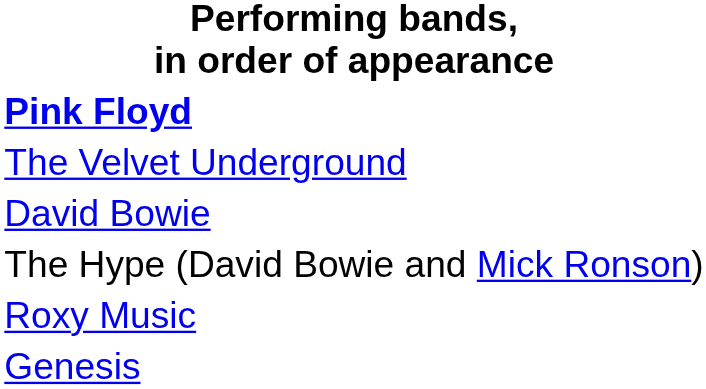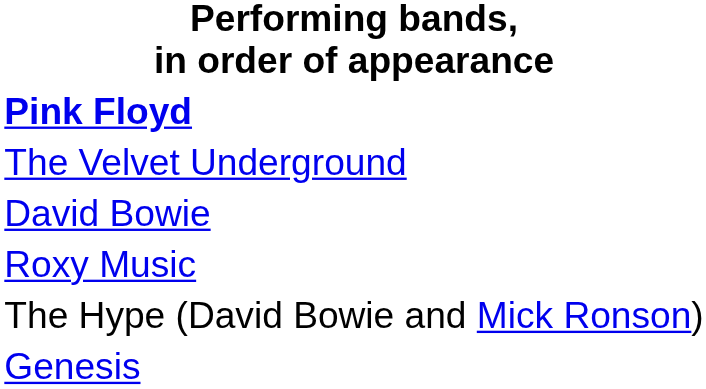 <table align=right>
 <tr>
 <th>Performing bands,<br>in order of appearance</th>
 </tr>
 <tr>
 <td><strong><a href='#'>Pink Floyd</a></strong></td>
 </tr>
 <tr>
 <td><a href='#'>The Velvet Underground</a></td>
 </tr>
 <tr>
 <td><a href='#'>David Bowie</a></td>
 </tr>
 <tr>
-<td>The Hype (David Bowie and <a href='#'>Mick Ronson</a>)</td>
+<td><a href='#'>Roxy Music</a></td>
 </tr>
 <tr>
-<td><a href='#'>Roxy Music</a></td>
+<td>The Hype (David Bowie and <a href='#'>Mick Ronson</a>)</td>
 </tr>
 <tr>
 <td><a href='#'>Genesis</a></td>
 </tr>
 </table>
